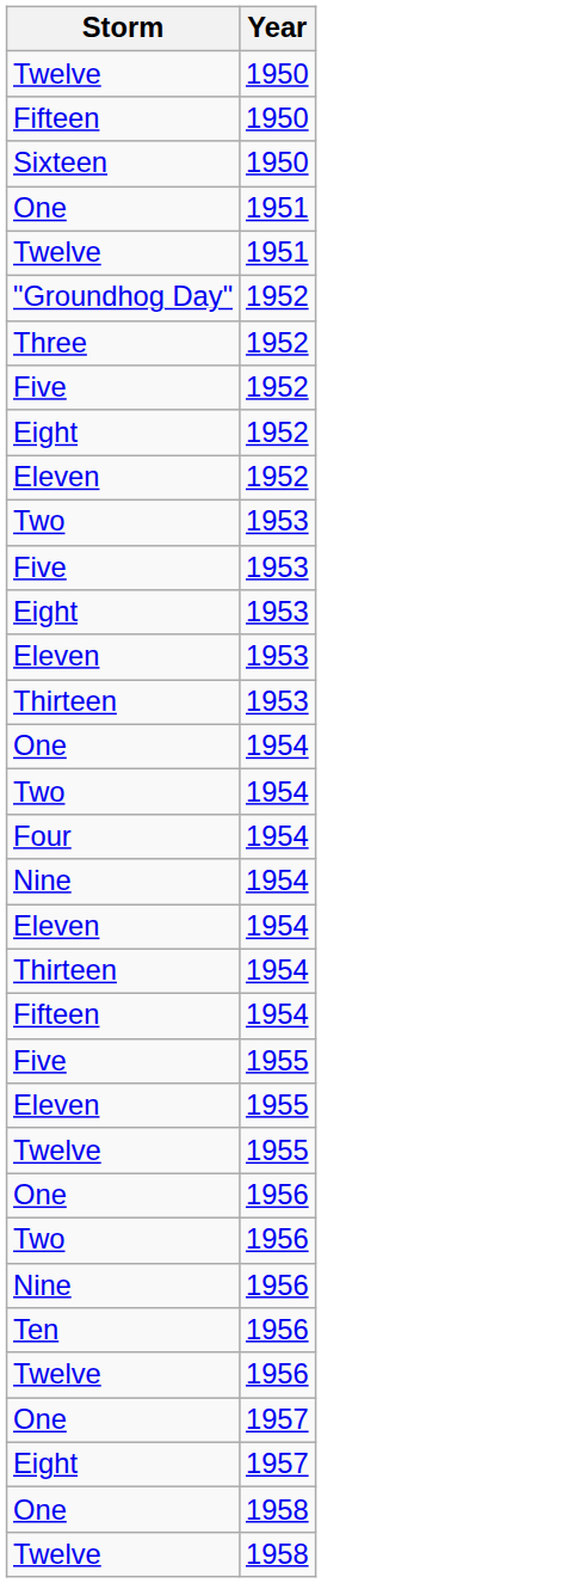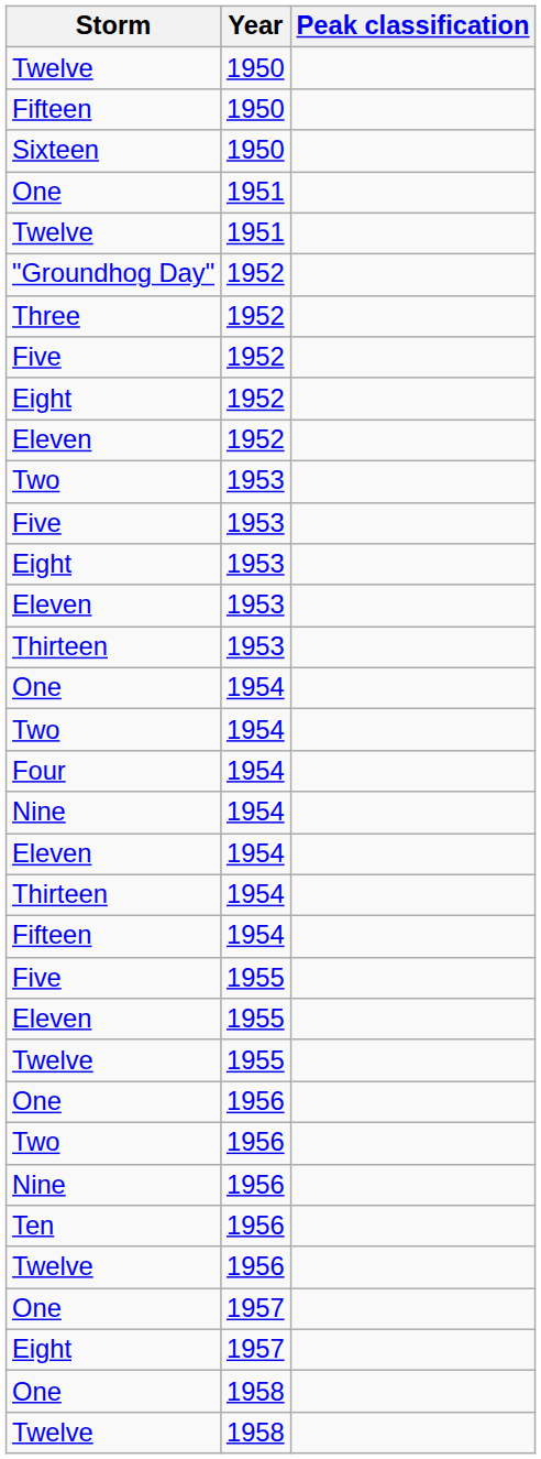 <table class="wikitable" style="display: inline-table; margin-left: 33px;">
 <tr>
 <th>Storm</th>
 <th>Year</th>
+<th><a href='#'>Peak classification</a></th>
 </tr>
 <tr>
 <td><a href='#'>Twelve</a></td>
 <td><a href='#'>1950</a></td>
+<td></td>
 </tr>
 <tr>
 <td><a href='#'>Fifteen</a></td>
 <td><a href='#'>1950</a></td>
+<td></td>
 </tr>
 <tr>
 <td><a href='#'>Sixteen</a></td>
 <td><a href='#'>1950</a></td>
+<td></td>
 </tr>
 <tr>
 <td><a href='#'>One</a></td>
 <td><a href='#'>1951</a></td>
+<td></td>
 </tr>
 <tr>
 <td><a href='#'>Twelve</a></td>
 <td><a href='#'>1951</a></td>
+<td></td>
 </tr>
 <tr>
 <td><a href='#'>"Groundhog Day"</a></td>
 <td><a href='#'>1952</a></td>
+<td></td>
 </tr>
 <tr>
 <td><a href='#'>Three</a></td>
 <td><a href='#'>1952</a></td>
+<td></td>
 </tr>
 <tr>
 <td><a href='#'>Five</a></td>
 <td><a href='#'>1952</a></td>
+<td></td>
 </tr>
 <tr>
 <td><a href='#'>Eight</a></td>
 <td><a href='#'>1952</a></td>
+<td></td>
 </tr>
 <tr>
 <td><a href='#'>Eleven</a></td>
 <td><a href='#'>1952</a></td>
+<td></td>
 </tr>
 <tr>
 <td><a href='#'>Two</a></td>
 <td><a href='#'>1953</a></td>
+<td></td>
 </tr>
 <tr>
 <td><a href='#'>Five</a></td>
 <td><a href='#'>1953</a></td>
+<td></td>
 </tr>
 <tr>
 <td><a href='#'>Eight</a></td>
 <td><a href='#'>1953</a></td>
+<td></td>
 </tr>
 <tr>
 <td><a href='#'>Eleven</a></td>
 <td><a href='#'>1953</a></td>
+<td></td>
 </tr>
 <tr>
 <td><a href='#'>Thirteen</a></td>
 <td><a href='#'>1953</a></td>
+<td></td>
 </tr>
 <tr>
 <td><a href='#'>One</a></td>
 <td><a href='#'>1954</a></td>
+<td></td>
 </tr>
 <tr>
 <td><a href='#'>Two</a></td>
 <td><a href='#'>1954</a></td>
+<td></td>
 </tr>
 <tr>
 <td><a href='#'>Four</a></td>
 <td><a href='#'>1954</a></td>
+<td></td>
 </tr>
 <tr>
 <td><a href='#'>Nine</a></td>
 <td><a href='#'>1954</a></td>
+<td></td>
 </tr>
 <tr>
 <td><a href='#'>Eleven</a></td>
 <td><a href='#'>1954</a></td>
+<td></td>
 </tr>
 <tr>
 <td><a href='#'>Thirteen</a></td>
 <td><a href='#'>1954</a></td>
+<td></td>
 </tr>
 <tr>
 <td><a href='#'>Fifteen</a></td>
 <td><a href='#'>1954</a></td>
+<td></td>
 </tr>
 <tr>
 <td><a href='#'>Five</a></td>
 <td><a href='#'>1955</a></td>
+<td></td>
 </tr>
 <tr>
 <td><a href='#'>Eleven</a></td>
 <td><a href='#'>1955</a></td>
+<td></td>
 </tr>
 <tr>
 <td><a href='#'>Twelve</a></td>
 <td><a href='#'>1955</a></td>
+<td></td>
 </tr>
 <tr>
 <td><a href='#'>One</a></td>
 <td><a href='#'>1956</a></td>
+<td></td>
 </tr>
 <tr>
 <td><a href='#'>Two</a></td>
 <td><a href='#'>1956</a></td>
+<td></td>
 </tr>
 <tr>
 <td><a href='#'>Nine</a></td>
 <td><a href='#'>1956</a></td>
+<td></td>
 </tr>
 <tr>
 <td><a href='#'>Ten</a></td>
 <td><a href='#'>1956</a></td>
+<td></td>
 </tr>
 <tr>
 <td><a href='#'>Twelve</a></td>
 <td><a href='#'>1956</a></td>
+<td></td>
 </tr>
 <tr>
 <td><a href='#'>One</a></td>
 <td><a href='#'>1957</a></td>
+<td></td>
 </tr>
 <tr>
 <td><a href='#'>Eight</a></td>
 <td><a href='#'>1957</a></td>
+<td></td>
 </tr>
 <tr>
 <td><a href='#'>One</a></td>
 <td><a href='#'>1958</a></td>
+<td></td>
 </tr>
 <tr>
 <td><a href='#'>Twelve</a></td>
 <td><a href='#'>1958</a></td>
+<td></td>
 </tr>
 </table>
